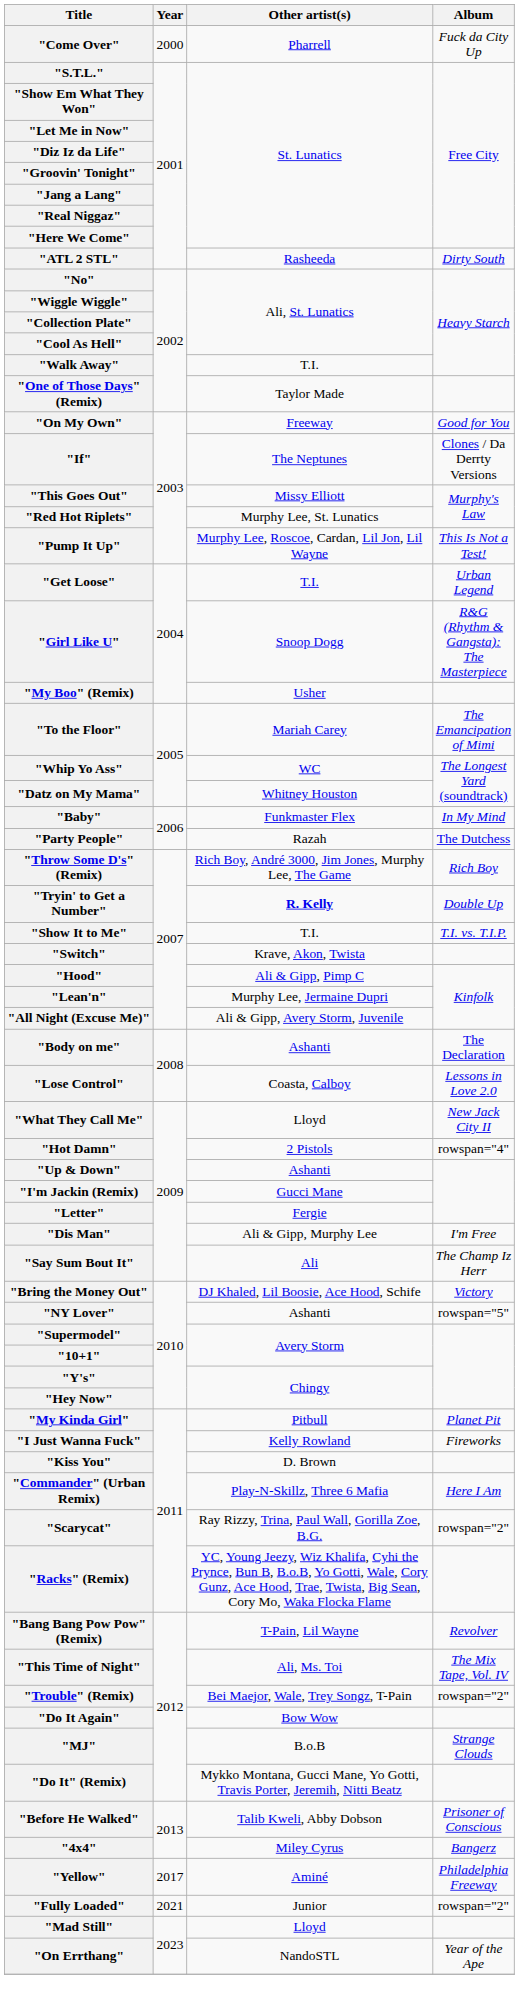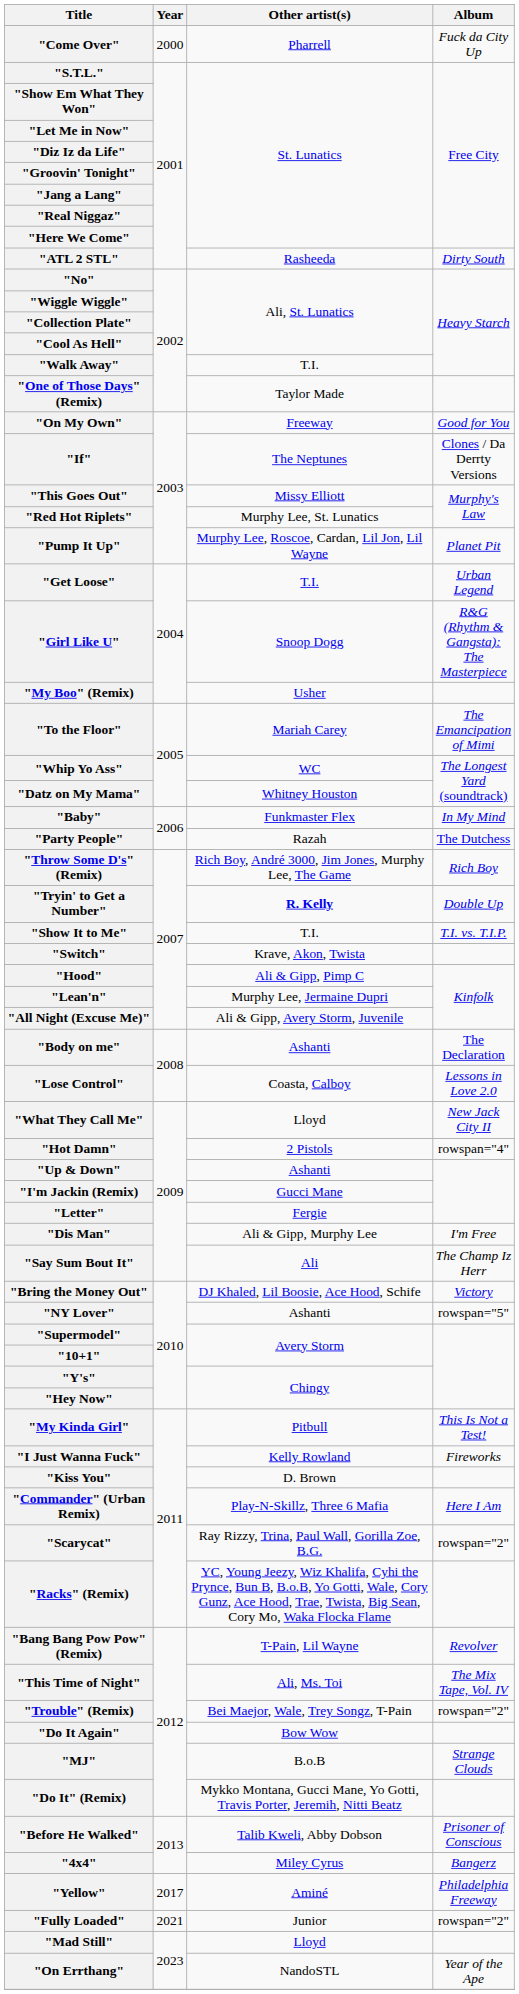 <table class="wikitable plainrowheaders" style="text-align:center;" border="1">
 <tr>
 <th scope="col" style="width:16em;">Title</th>
 <th scope="col">Year</th>
 <th scope="col" style="width:35em;">Other artist(s)</th>
 <th scope="col">Album</th>
 </tr>
 <tr>
 <th scope="row">"Come Over"</th>
 <td>2000</td>
 <td><a href='#'>Pharrell</a></td>
 <td><em>Fuck da City Up</em></td>
 </tr>
 <tr>
 <th>"S.T.L."</th>
 <td rowspan="9">2001</td>
 <td rowspan="8"><a href='#'>St. Lunatics</a></td>
 <td rowspan="8"><a href='#'>Free City</a></td>
 </tr>
 <tr>
 <th>"Show Em What They Won"</th>
 </tr>
 <tr>
 <th>"Let Me in Now"</th>
 </tr>
 <tr>
 <th>"Diz Iz da Life"</th>
 </tr>
 <tr>
 <th>"Groovin' Tonight"</th>
 </tr>
 <tr>
 <th>"Jang a Lang"</th>
 </tr>
 <tr>
 <th>"Real Niggaz"</th>
 </tr>
 <tr>
 <th>"Here We Come"</th>
 </tr>
 <tr>
 <th scope="row">"ATL 2 STL"</th>
 <td><a href='#'>Rasheeda</a></td>
 <td><em><a href='#'>Dirty South</a></em></td>
 </tr>
 <tr>
 <th>"No"</th>
 <td rowspan="6">2002</td>
 <td rowspan="4">Ali, <a href='#'>St. Lunatics</a></td>
 <td rowspan="5"><em><a href='#'>Heavy Starch</a></em></td>
 </tr>
 <tr>
 <th>"Wiggle Wiggle"</th>
 </tr>
 <tr>
 <th>"Collection Plate"</th>
 </tr>
 <tr>
 <th>"Cool As Hell"</th>
 </tr>
 <tr>
 <th scope="row">"Walk Away"</th>
 <td>T.I.</td>
 </tr>
 <tr>
 <th scope="row">"<a href='#'>One of Those Days</a>" (Remix)</th>
 <td>Taylor Made</td>
 <td></td>
 </tr>
 <tr>
 <th scope="row">"On My Own"</th>
 <td rowspan="5">2003</td>
 <td><a href='#'>Freeway</a></td>
 <td><em><a href='#'>Good for You</a></em></td>
 </tr>
 <tr>
 <th>"If"</th>
 <td><a href='#'>The Neptunes</a></td>
 <td><a href='#'>Clones</a> / Da Derrty Versions</td>
 </tr>
 <tr>
 <th scope="row">"This Goes Out"</th>
 <td><a href='#'>Missy Elliott</a></td>
 <td rowspan="2"><em><a href='#'>Murphy's Law</a></em></td>
 </tr>
 <tr>
 <th>"Red Hot Riplets"</th>
 <td>Murphy Lee, St. Lunatics</td>
 </tr>
 <tr>
 <th scope="row">"Pump It Up"</th>
 <td><a href='#'>Murphy Lee</a>, <a href='#'>Roscoe</a>, Cardan, <a href='#'>Lil Jon</a>, <a href='#'>Lil Wayne</a></td>
-<td><em><a href='#'>This Is Not a Test!</a></em></td>
+<td><em><a href='#'>Planet Pit</a></em></td>
 </tr>
 <tr>
 <th scope="row">"Get Loose"</th>
 <td rowspan="3">2004</td>
 <td><a href='#'>T.I.</a></td>
 <td><em><a href='#'>Urban Legend</a></em></td>
 </tr>
 <tr>
 <th scope="row">"<a href='#'>Girl Like U</a>"</th>
 <td><a href='#'>Snoop Dogg</a></td>
 <td><em><a href='#'>R&G (Rhythm & Gangsta): The Masterpiece</a></em></td>
 </tr>
 <tr>
 <th scope="row">"<a href='#'>My Boo</a>" (Remix)</th>
 <td><a href='#'>Usher</a></td>
 <td></td>
 </tr>
 <tr>
 <th scope="row">"To the Floor"</th>
 <td rowspan="3">2005</td>
 <td><a href='#'>Mariah Carey</a></td>
 <td><em><a href='#'>The Emancipation of Mimi</a></em></td>
 </tr>
 <tr>
 <th scope="row">"Whip Yo Ass"</th>
 <td><a href='#'>WC</a></td>
 <td rowspan="2"><a href='#'><em>The Longest Yard</em> (soundtrack)</a></td>
 </tr>
 <tr>
 <th scope="row">"Datz on My Mama"</th>
 <td><a href='#'>Whitney Houston</a></td>
 </tr>
 <tr>
 <th scope="row">"Baby"</th>
 <td rowspan="2">2006</td>
 <td><a href='#'>Funkmaster Flex</a></td>
 <td><em><a href='#'>In My Mind</a></em></td>
 </tr>
 <tr>
 <th>"Party People"</th>
 <td>Razah</td>
 <td><a href='#'>The Dutchess</a></td>
 </tr>
 <tr>
 <th scope="row">"<a href='#'>Throw Some D's</a>" (Remix)</th>
 <td rowspan="7">2007</td>
 <td><a href='#'>Rich Boy</a>, <a href='#'>André 3000</a>, <a href='#'>Jim Jones</a>, Murphy Lee, <a href='#'>The Game</a></td>
 <td><em><a href='#'>Rich Boy</a></em></td>
 </tr>
 <tr>
 <th scope="row">"Tryin' to Get a Number"</th>
 <td><strong><a href='#'>R. Kelly</a></strong></td>
 <td><em><a href='#'>Double Up</a></em></td>
 </tr>
 <tr>
 <th scope="row">"Show It to Me"</th>
 <td>T.I.</td>
 <td><em><a href='#'>T.I. vs. T.I.P.</a></em></td>
 </tr>
 <tr>
 <th>"Switch"</th>
 <td>Krave, <a href='#'>Akon</a>, <a href='#'>Twista</a></td>
 <td></td>
 </tr>
 <tr>
 <th scope="row">"Hood"</th>
 <td><a href='#'>Ali & Gipp</a>, <a href='#'>Pimp C</a></td>
 <td rowspan="3"><em><a href='#'>Kinfolk</a></em></td>
 </tr>
 <tr>
 <th scope="row">"Lean'n"</th>
 <td>Murphy Lee, <a href='#'>Jermaine Dupri</a></td>
 </tr>
 <tr>
 <th scope="row">"All Night (Excuse Me)"</th>
 <td>Ali & Gipp, <a href='#'>Avery Storm</a>, <a href='#'>Juvenile</a></td>
 </tr>
 <tr>
 <th>"Body on me"</th>
 <td rowspan="2">2008</td>
 <td><a href='#'>Ashanti</a></td>
 <td><a href='#'>The Declaration</a></td>
 </tr>
 <tr>
 <th scope="row">"Lose Control"</th>
 <td>Coasta, <a href='#'>Calboy</a></td>
 <td><em><a href='#'>Lessons in Love 2.0</a></em></td>
 </tr>
 <tr>
 <th scope="row">"What They Call Me"</th>
 <td rowspan="7">2009</td>
 <td>Lloyd</td>
 <td><em><a href='#'>New Jack City II</a></em></td>
 </tr>
 <tr>
 <th scope="row">"Hot Damn"</th>
 <td><a href='#'>2 Pistols</a></td>
 <td>rowspan="4" </td>
 </tr>
 <tr>
 <th scope="row">"Up & Down"</th>
 <td><a href='#'>Ashanti</a></td>
 </tr>
 <tr>
 <th scope="row">"I'm Jackin (Remix)</th>
 <td><a href='#'>Gucci Mane</a></td>
 </tr>
 <tr>
 <th scope="row">"Letter"</th>
 <td><a href='#'>Fergie</a></td>
 </tr>
 <tr>
 <th scope="row">"Dis Man"</th>
 <td>Ali & Gipp, Murphy Lee</td>
 <td><em>I'm Free</em></td>
 </tr>
 <tr>
 <th scope="row">"Say Sum Bout It"</th>
 <td><a href='#'>Ali</a></td>
 <td><em>The Champ Iz Herr</em></td>
 </tr>
 <tr>
 <th scope="row">"Bring the Money Out"</th>
 <td rowspan="6">2010</td>
 <td><a href='#'>DJ Khaled</a>, <a href='#'>Lil Boosie</a>, <a href='#'>Ace Hood</a>, Schife</td>
 <td><em><a href='#'>Victory</a></em></td>
 </tr>
 <tr>
 <th scope="row">"NY Lover"</th>
 <td>Ashanti</td>
 <td>rowspan="5" </td>
 </tr>
 <tr>
 <th scope="row">"Supermodel"</th>
 <td rowspan="2"><a href='#'>Avery Storm</a></td>
 </tr>
 <tr>
 <th scope="row">"10+1"</th>
 </tr>
 <tr>
 <th scope="row">"Y's"</th>
 <td rowspan="2"><a href='#'>Chingy</a></td>
 </tr>
 <tr>
 <th scope="row">"Hey Now"</th>
 </tr>
 <tr>
 <th scope="row">"<a href='#'>My Kinda Girl</a>"</th>
 <td rowspan="6">2011</td>
 <td><a href='#'>Pitbull</a></td>
-<td><em><a href='#'>Planet Pit</a></em></td>
+<td><em><a href='#'>This Is Not a Test!</a></em></td>
 </tr>
 <tr>
 <th scope="row">"I Just Wanna Fuck"</th>
 <td><a href='#'>Kelly Rowland</a></td>
 <td><em>Fireworks</em></td>
 </tr>
 <tr>
 <th scope="row">"Kiss You"</th>
 <td>D. Brown</td>
 <td></td>
 </tr>
 <tr>
 <th scope="row">"<a href='#'>Commander</a>" (Urban Remix)</th>
 <td><a href='#'>Play-N-Skillz</a>, <a href='#'>Three 6 Mafia</a></td>
 <td><em><a href='#'>Here I Am</a></em></td>
 </tr>
 <tr>
 <th scope="row">"Scarycat"</th>
 <td>Ray Rizzy, <a href='#'>Trina</a>, <a href='#'>Paul Wall</a>, <a href='#'>Gorilla Zoe</a>, <a href='#'>B.G.</a></td>
 <td>rowspan="2" </td>
 </tr>
 <tr>
 <th scope="row">"<a href='#'>Racks</a>" (Remix)</th>
 <td><a href='#'>YC</a>, <a href='#'>Young Jeezy</a>, <a href='#'>Wiz Khalifa</a>, <a href='#'>Cyhi the Prynce</a>, <a href='#'>Bun B</a>, <a href='#'>B.o.B</a>, <a href='#'>Yo Gotti</a>, <a href='#'>Wale</a>, <a href='#'>Cory Gunz</a>, <a href='#'>Ace Hood</a>, <a href='#'>Trae</a>, <a href='#'>Twista</a>, <a href='#'>Big Sean</a>, Cory Mo, <a href='#'>Waka Flocka Flame</a></td>
 </tr>
 <tr>
 <th scope="row">"Bang Bang Pow Pow" (Remix)</th>
 <td rowspan="6">2012</td>
 <td><a href='#'>T-Pain</a>, <a href='#'>Lil Wayne</a></td>
 <td><em><a href='#'>Revolver</a></em></td>
 </tr>
 <tr>
 <th scope="row">"This Time of Night"</th>
 <td><a href='#'>Ali</a>, <a href='#'>Ms. Toi</a></td>
 <td><em><a href='#'>The Mix Tape, Vol. IV</a></em></td>
 </tr>
 <tr>
 <th scope="row">"<a href='#'>Trouble</a>" (Remix)</th>
 <td><a href='#'>Bei Maejor</a>, <a href='#'>Wale</a>, <a href='#'>Trey Songz</a>, T-Pain</td>
 <td>rowspan="2"  </td>
 </tr>
 <tr>
 <th scope="row">"Do It Again"</th>
 <td><a href='#'>Bow Wow</a></td>
 </tr>
 <tr>
 <th scope="row">"MJ"</th>
 <td>B.o.B</td>
 <td><em><a href='#'>Strange Clouds</a></em></td>
 </tr>
 <tr>
 <th scope="row">"Do It" (Remix)</th>
 <td>Mykko Montana, Gucci Mane, Yo Gotti, <a href='#'>Travis Porter</a>, <a href='#'>Jeremih</a>, <a href='#'>Nitti Beatz</a></td>
 <td></td>
 </tr>
 <tr>
 <th scope="row">"Before He Walked"</th>
 <td rowspan="2">2013</td>
 <td><a href='#'>Talib Kweli</a>, Abby Dobson</td>
 <td><em><a href='#'>Prisoner of Conscious</a></em></td>
 </tr>
 <tr>
 <th scope="row">"4x4"</th>
 <td><a href='#'>Miley Cyrus</a></td>
 <td><em><a href='#'>Bangerz</a></em></td>
 </tr>
 <tr>
 <th scope="row">"Yellow"</th>
 <td>2017</td>
 <td><a href='#'>Aminé</a></td>
 <td><em><a href='#'>Philadelphia Freeway</a></em></td>
 </tr>
 <tr>
 <th scope="row">"Fully Loaded"</th>
 <td>2021</td>
 <td>Junior</td>
 <td>rowspan="2" </td>
 </tr>
 <tr>
 <th scope="row">"Mad Still"</th>
 <td rowspan="2">2023</td>
 <td><a href='#'>Lloyd</a></td>
 </tr>
 <tr>
 <th scope="row">"On Errthang"</th>
 <td>NandoSTL</td>
 <td><em>Year of the Ape</em></td>
 </tr>
 <tr>
 </tr>
 </table>
